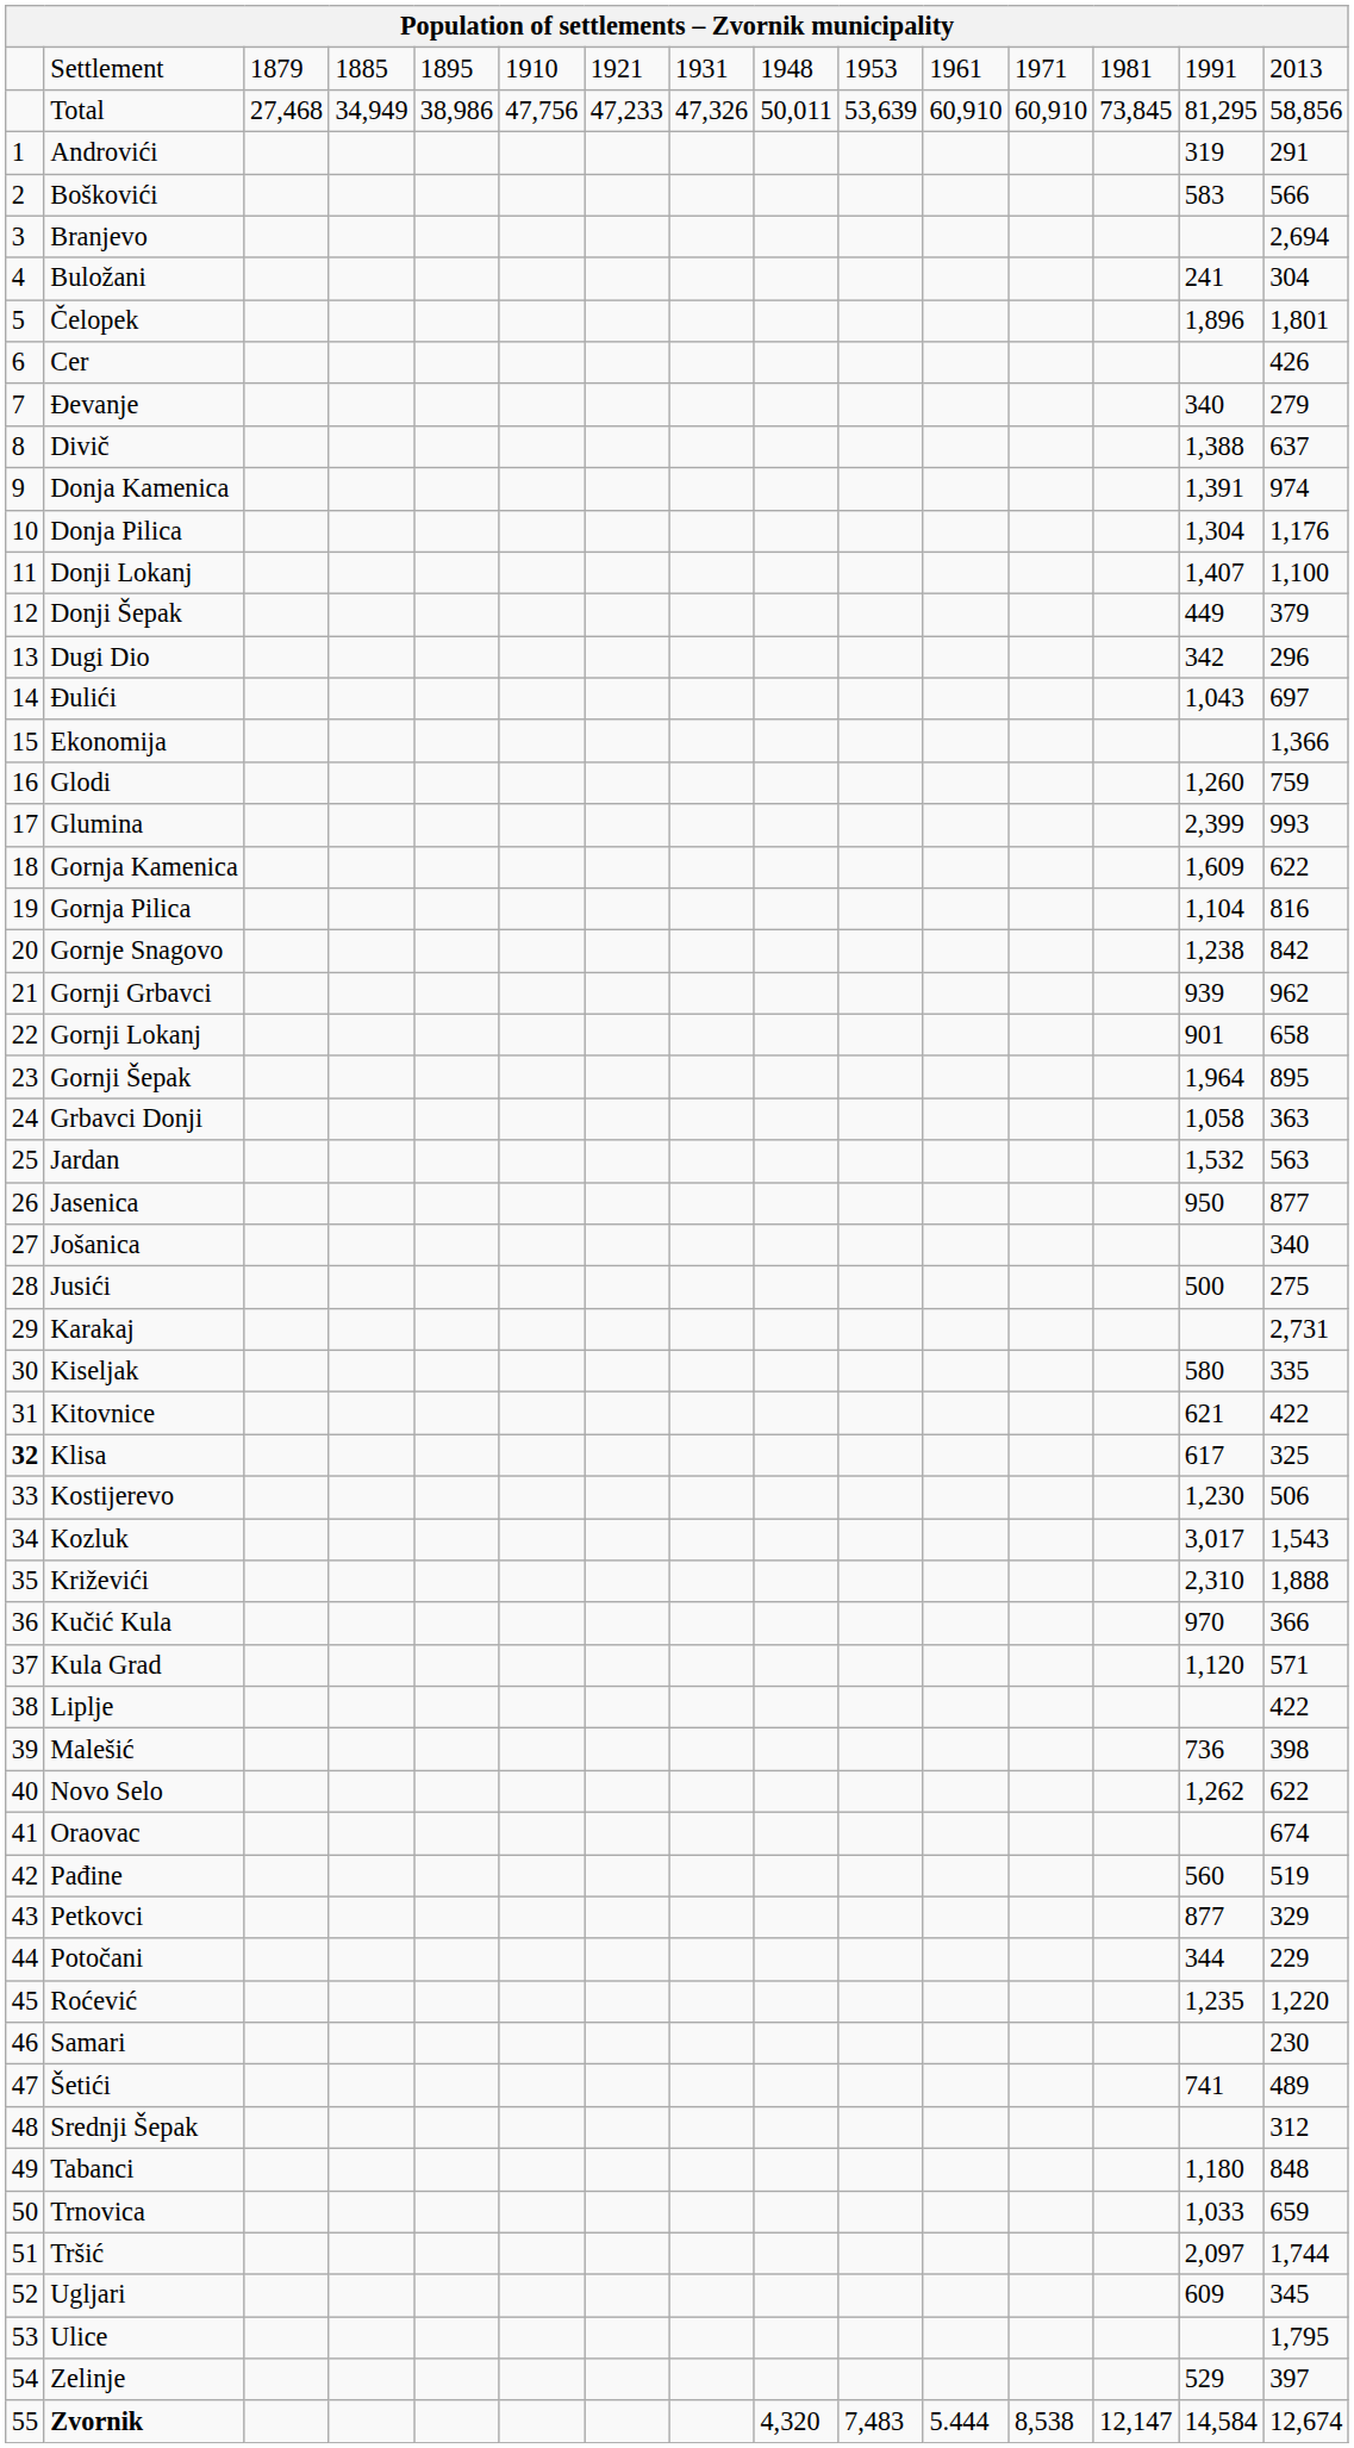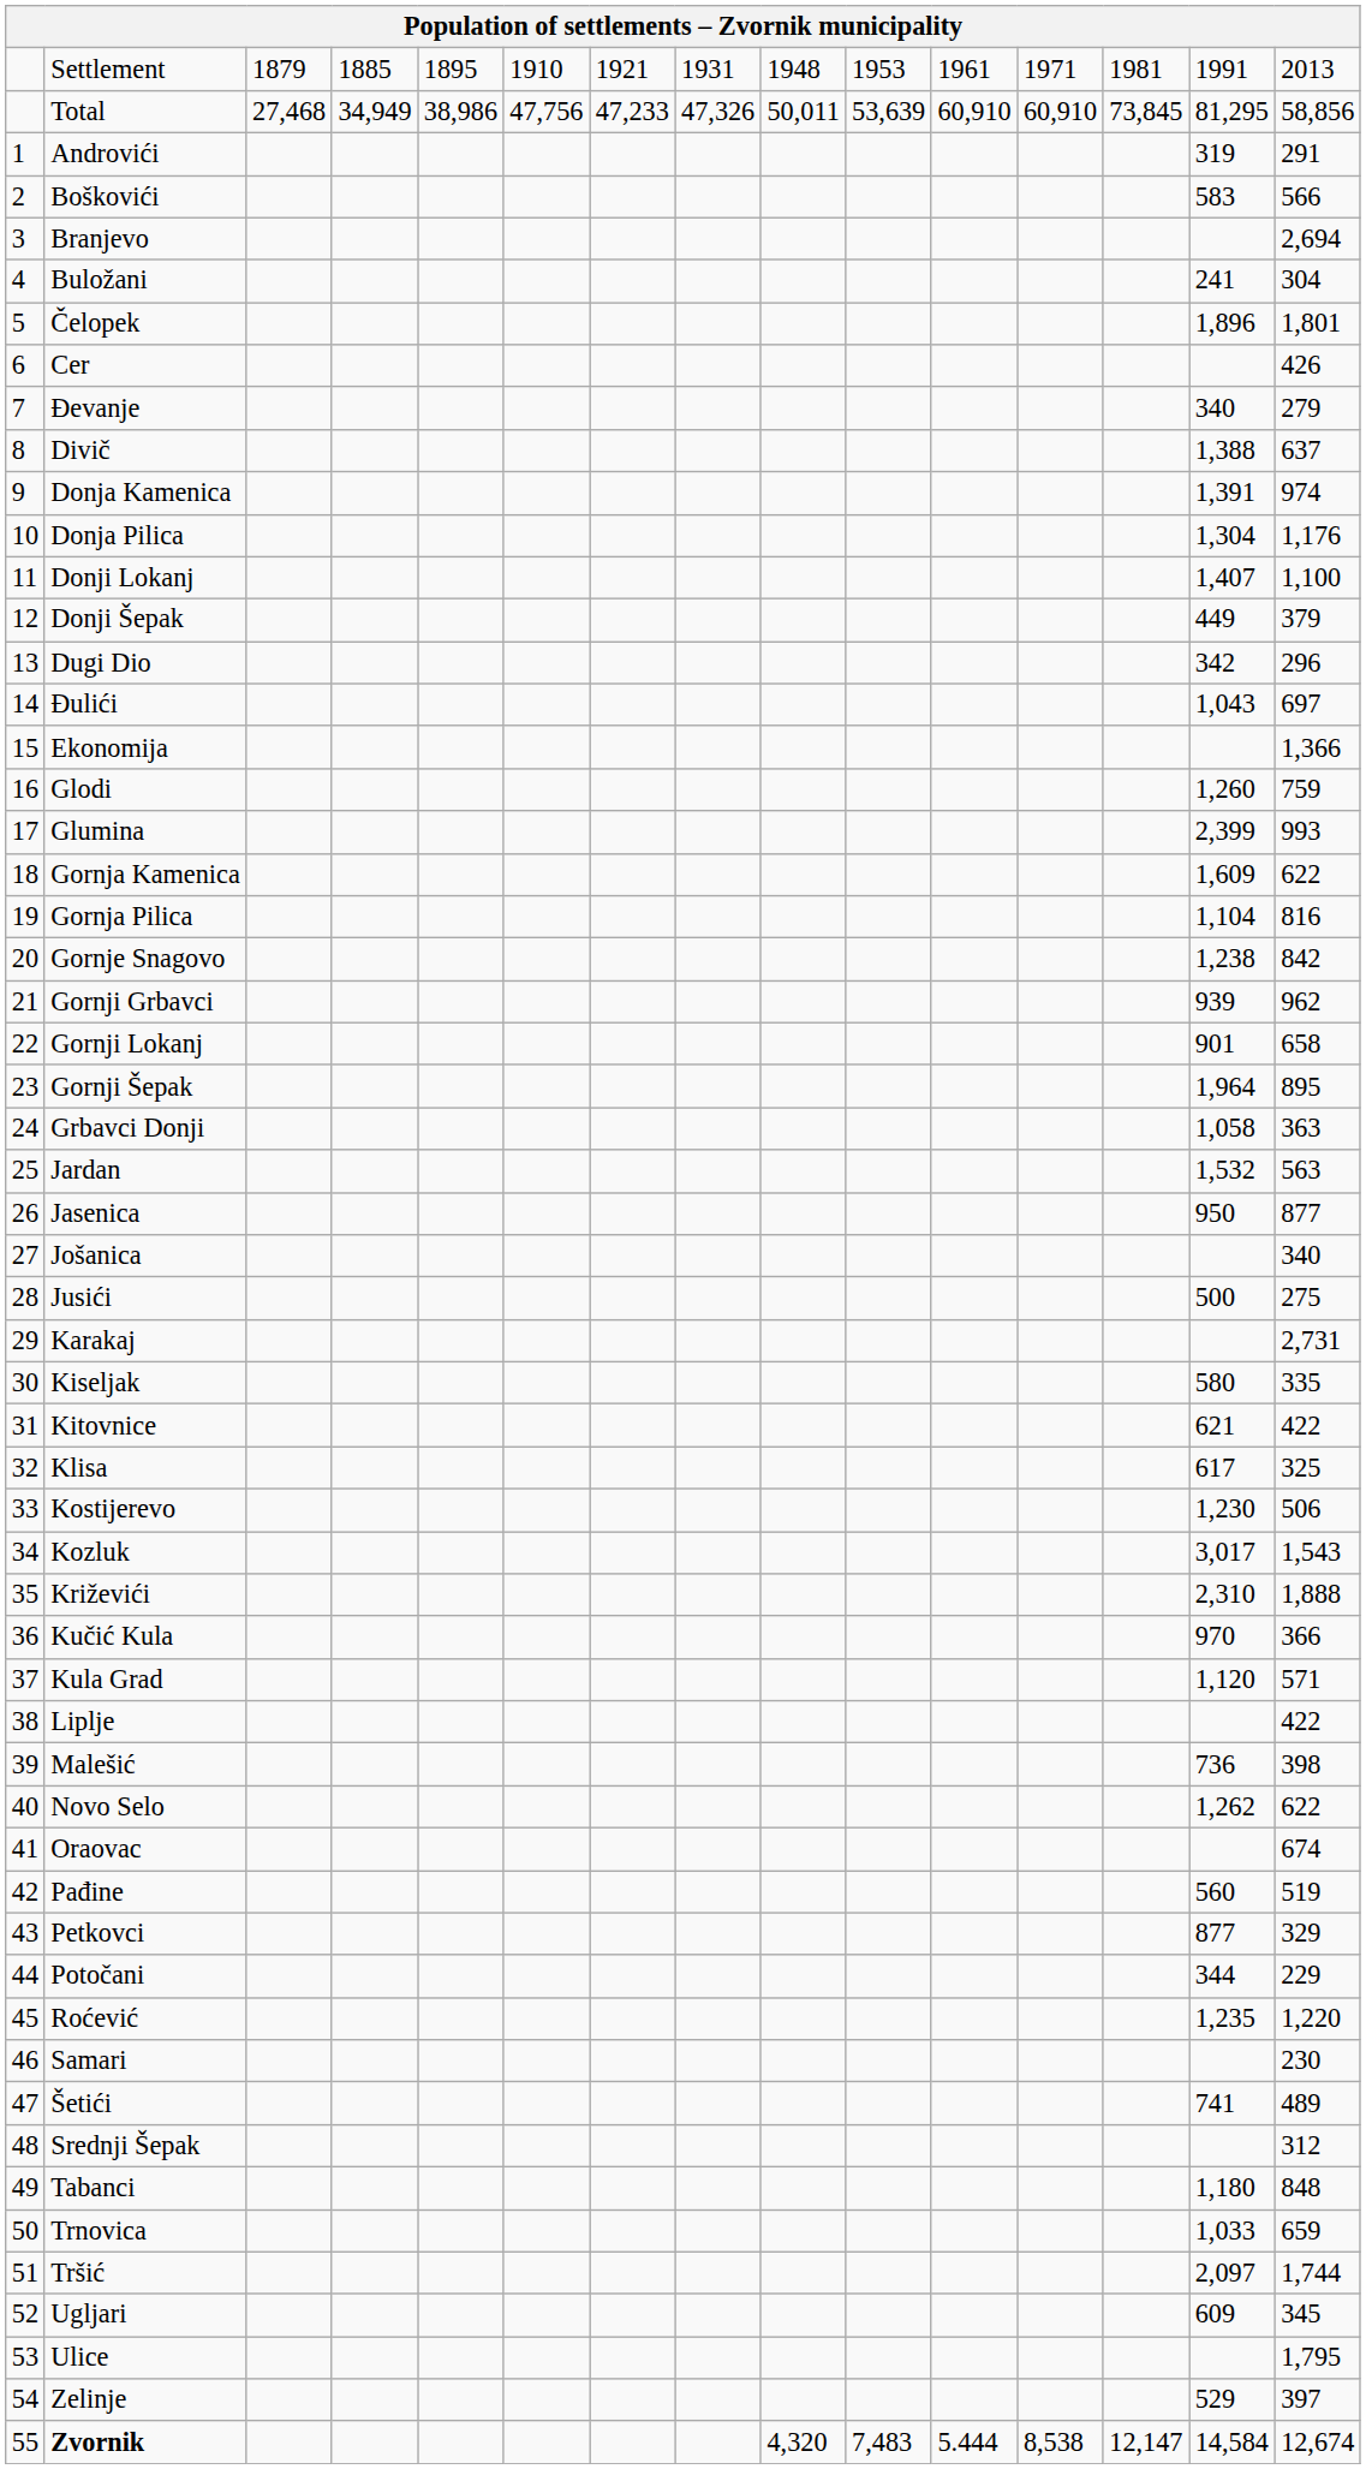 <table class="wikitable">
 <tr>
 <th colspan="15">Population of settlements – Zvornik municipality</th>
 </tr>
 <tr>
 <td></td>
 <td>Settlement</td>
 <td>1879</td>
 <td>1885</td>
 <td>1895</td>
 <td>1910</td>
 <td>1921</td>
 <td>1931</td>
 <td>1948</td>
 <td>1953</td>
 <td>1961</td>
 <td>1971</td>
 <td>1981</td>
 <td>1991</td>
 <td>2013</td>
 </tr>
 <tr>
 <td></td>
 <td>Total</td>
 <td>27,468</td>
 <td>34,949</td>
 <td>38,986</td>
 <td>47,756</td>
 <td>47,233</td>
 <td>47,326</td>
 <td>50,011</td>
 <td>53,639</td>
 <td>60,910</td>
 <td>60,910</td>
 <td>73,845</td>
 <td>81,295</td>
 <td>58,856</td>
 </tr>
 <tr>
 <td>1</td>
 <td>Androvići</td>
 <td></td>
 <td></td>
 <td></td>
 <td></td>
 <td></td>
 <td></td>
 <td></td>
 <td></td>
 <td></td>
 <td></td>
 <td></td>
 <td>319</td>
 <td>291</td>
 </tr>
 <tr>
 <td>2</td>
 <td>Boškovići</td>
 <td></td>
 <td></td>
 <td></td>
 <td></td>
 <td></td>
 <td></td>
 <td></td>
 <td></td>
 <td></td>
 <td></td>
 <td></td>
 <td>583</td>
 <td>566</td>
 </tr>
 <tr>
 <td>3</td>
 <td>Branjevo</td>
 <td></td>
 <td></td>
 <td></td>
 <td></td>
 <td></td>
 <td></td>
 <td></td>
 <td></td>
 <td></td>
 <td></td>
 <td></td>
 <td></td>
 <td>2,694</td>
 </tr>
 <tr>
 <td>4</td>
 <td>Buložani</td>
 <td></td>
 <td></td>
 <td></td>
 <td></td>
 <td></td>
 <td></td>
 <td></td>
 <td></td>
 <td></td>
 <td></td>
 <td></td>
 <td>241</td>
 <td>304</td>
 </tr>
 <tr>
 <td>5</td>
 <td>Čelopek</td>
 <td></td>
 <td></td>
 <td></td>
 <td></td>
 <td></td>
 <td></td>
 <td></td>
 <td></td>
 <td></td>
 <td></td>
 <td></td>
 <td>1,896</td>
 <td>1,801</td>
 </tr>
 <tr>
 <td>6</td>
 <td>Cer</td>
 <td></td>
 <td></td>
 <td></td>
 <td></td>
 <td></td>
 <td></td>
 <td></td>
 <td></td>
 <td></td>
 <td></td>
 <td></td>
 <td></td>
 <td>426</td>
 </tr>
 <tr>
 <td>7</td>
 <td>Đevanje</td>
 <td></td>
 <td></td>
 <td></td>
 <td></td>
 <td></td>
 <td></td>
 <td></td>
 <td></td>
 <td></td>
 <td></td>
 <td></td>
 <td>340</td>
 <td>279</td>
 </tr>
 <tr>
 <td>8</td>
 <td>Divič</td>
 <td></td>
 <td></td>
 <td></td>
 <td></td>
 <td></td>
 <td></td>
 <td></td>
 <td></td>
 <td></td>
 <td></td>
 <td></td>
 <td>1,388</td>
 <td>637</td>
 </tr>
 <tr>
 <td>9</td>
 <td>Donja Kamenica</td>
 <td></td>
 <td></td>
 <td></td>
 <td></td>
 <td></td>
 <td></td>
 <td></td>
 <td></td>
 <td></td>
 <td></td>
 <td></td>
 <td>1,391</td>
 <td>974</td>
 </tr>
 <tr>
 <td>10</td>
 <td>Donja Pilica</td>
 <td></td>
 <td></td>
 <td></td>
 <td></td>
 <td></td>
 <td></td>
 <td></td>
 <td></td>
 <td></td>
 <td></td>
 <td></td>
 <td>1,304</td>
 <td>1,176</td>
 </tr>
 <tr>
 <td>11</td>
 <td>Donji Lokanj</td>
 <td></td>
 <td></td>
 <td></td>
 <td></td>
 <td></td>
 <td></td>
 <td></td>
 <td></td>
 <td></td>
 <td></td>
 <td></td>
 <td>1,407</td>
 <td>1,100</td>
 </tr>
 <tr>
 <td>12</td>
 <td>Donji Šepak</td>
 <td></td>
 <td></td>
 <td></td>
 <td></td>
 <td></td>
 <td></td>
 <td></td>
 <td></td>
 <td></td>
 <td></td>
 <td></td>
 <td>449</td>
 <td>379</td>
 </tr>
 <tr>
 <td>13</td>
 <td>Dugi Dio</td>
 <td></td>
 <td></td>
 <td></td>
 <td></td>
 <td></td>
 <td></td>
 <td></td>
 <td></td>
 <td></td>
 <td></td>
 <td></td>
 <td>342</td>
 <td>296</td>
 </tr>
 <tr>
 <td>14</td>
 <td>Đulići</td>
 <td></td>
 <td></td>
 <td></td>
 <td></td>
 <td></td>
 <td></td>
 <td></td>
 <td></td>
 <td></td>
 <td></td>
 <td></td>
 <td>1,043</td>
 <td>697</td>
 </tr>
 <tr>
 <td>15</td>
 <td>Ekonomija</td>
 <td></td>
 <td></td>
 <td></td>
 <td></td>
 <td></td>
 <td></td>
 <td></td>
 <td></td>
 <td></td>
 <td></td>
 <td></td>
 <td></td>
 <td>1,366</td>
 </tr>
 <tr>
 <td>16</td>
 <td>Glodi</td>
 <td></td>
 <td></td>
 <td></td>
 <td></td>
 <td></td>
 <td></td>
 <td></td>
 <td></td>
 <td></td>
 <td></td>
 <td></td>
 <td>1,260</td>
 <td>759</td>
 </tr>
 <tr>
 <td>17</td>
 <td>Glumina</td>
 <td></td>
 <td></td>
 <td></td>
 <td></td>
 <td></td>
 <td></td>
 <td></td>
 <td></td>
 <td></td>
 <td></td>
 <td></td>
 <td>2,399</td>
 <td>993</td>
 </tr>
 <tr>
 <td>18</td>
 <td>Gornja Kamenica</td>
 <td></td>
 <td></td>
 <td></td>
 <td></td>
 <td></td>
 <td></td>
 <td></td>
 <td></td>
 <td></td>
 <td></td>
 <td></td>
 <td>1,609</td>
 <td>622</td>
 </tr>
 <tr>
 <td>19</td>
 <td>Gornja Pilica</td>
 <td></td>
 <td></td>
 <td></td>
 <td></td>
 <td></td>
 <td></td>
 <td></td>
 <td></td>
 <td></td>
 <td></td>
 <td></td>
 <td>1,104</td>
 <td>816</td>
 </tr>
 <tr>
 <td>20</td>
 <td>Gornje Snagovo</td>
 <td></td>
 <td></td>
 <td></td>
 <td></td>
 <td></td>
 <td></td>
 <td></td>
 <td></td>
 <td></td>
 <td></td>
 <td></td>
 <td>1,238</td>
 <td>842</td>
 </tr>
 <tr>
 <td>21</td>
 <td>Gornji Grbavci</td>
 <td></td>
 <td></td>
 <td></td>
 <td></td>
 <td></td>
 <td></td>
 <td></td>
 <td></td>
 <td></td>
 <td></td>
 <td></td>
 <td>939</td>
 <td>962</td>
 </tr>
 <tr>
 <td>22</td>
 <td>Gornji Lokanj</td>
 <td></td>
 <td></td>
 <td></td>
 <td></td>
 <td></td>
 <td></td>
 <td></td>
 <td></td>
 <td></td>
 <td></td>
 <td></td>
 <td>901</td>
 <td>658</td>
 </tr>
 <tr>
 <td>23</td>
 <td>Gornji Šepak</td>
 <td></td>
 <td></td>
 <td></td>
 <td></td>
 <td></td>
 <td></td>
 <td></td>
 <td></td>
 <td></td>
 <td></td>
 <td></td>
 <td>1,964</td>
 <td>895</td>
 </tr>
 <tr>
 <td>24</td>
 <td>Grbavci Donji</td>
 <td></td>
 <td></td>
 <td></td>
 <td></td>
 <td></td>
 <td></td>
 <td></td>
 <td></td>
 <td></td>
 <td></td>
 <td></td>
 <td>1,058</td>
 <td>363</td>
 </tr>
 <tr>
 <td>25</td>
 <td>Jardan</td>
 <td></td>
 <td></td>
 <td></td>
 <td></td>
 <td></td>
 <td></td>
 <td></td>
 <td></td>
 <td></td>
 <td></td>
 <td></td>
 <td>1,532</td>
 <td>563</td>
 </tr>
 <tr>
 <td>26</td>
 <td>Jasenica</td>
 <td></td>
 <td></td>
 <td></td>
 <td></td>
 <td></td>
 <td></td>
 <td></td>
 <td></td>
 <td></td>
 <td></td>
 <td></td>
 <td>950</td>
 <td>877</td>
 </tr>
 <tr>
 <td>27</td>
 <td>Jošanica</td>
 <td></td>
 <td></td>
 <td></td>
 <td></td>
 <td></td>
 <td></td>
 <td></td>
 <td></td>
 <td></td>
 <td></td>
 <td></td>
 <td></td>
 <td>340</td>
 </tr>
 <tr>
 <td>28</td>
 <td>Jusići</td>
 <td></td>
 <td></td>
 <td></td>
 <td></td>
 <td></td>
 <td></td>
 <td></td>
 <td></td>
 <td></td>
 <td></td>
 <td></td>
 <td>500</td>
 <td>275</td>
 </tr>
 <tr>
 <td>29</td>
 <td>Karakaj</td>
 <td></td>
 <td></td>
 <td></td>
 <td></td>
 <td></td>
 <td></td>
 <td></td>
 <td></td>
 <td></td>
 <td></td>
 <td></td>
 <td></td>
 <td>2,731</td>
 </tr>
 <tr>
 <td>30</td>
 <td>Kiseljak</td>
 <td></td>
 <td></td>
 <td></td>
 <td></td>
 <td></td>
 <td></td>
 <td></td>
 <td></td>
 <td></td>
 <td></td>
 <td></td>
 <td>580</td>
 <td>335</td>
 </tr>
 <tr>
 <td>31</td>
 <td>Kitovnice</td>
 <td></td>
 <td></td>
 <td></td>
 <td></td>
 <td></td>
 <td></td>
 <td></td>
 <td></td>
 <td></td>
 <td></td>
 <td></td>
 <td>621</td>
 <td>422</td>
 </tr>
 <tr>
-<td><strong>32</strong></td>
+<td>32</td>
 <td>Klisa</td>
 <td></td>
 <td></td>
 <td></td>
 <td></td>
 <td></td>
 <td></td>
 <td></td>
 <td></td>
 <td></td>
 <td></td>
 <td></td>
 <td>617</td>
 <td>325</td>
 </tr>
 <tr>
 <td>33</td>
 <td>Kostijerevo</td>
 <td></td>
 <td></td>
 <td></td>
 <td></td>
 <td></td>
 <td></td>
 <td></td>
 <td></td>
 <td></td>
 <td></td>
 <td></td>
 <td>1,230</td>
 <td>506</td>
 </tr>
 <tr>
 <td>34</td>
 <td>Kozluk</td>
 <td></td>
 <td></td>
 <td></td>
 <td></td>
 <td></td>
 <td></td>
 <td></td>
 <td></td>
 <td></td>
 <td></td>
 <td></td>
 <td>3,017</td>
 <td>1,543</td>
 </tr>
 <tr>
 <td>35</td>
 <td>Križevići</td>
 <td></td>
 <td></td>
 <td></td>
 <td></td>
 <td></td>
 <td></td>
 <td></td>
 <td></td>
 <td></td>
 <td></td>
 <td></td>
 <td>2,310</td>
 <td>1,888</td>
 </tr>
 <tr>
 <td>36</td>
 <td>Kučić Kula</td>
 <td></td>
 <td></td>
 <td></td>
 <td></td>
 <td></td>
 <td></td>
 <td></td>
 <td></td>
 <td></td>
 <td></td>
 <td></td>
 <td>970</td>
 <td>366</td>
 </tr>
 <tr>
 <td>37</td>
 <td>Kula Grad</td>
 <td></td>
 <td></td>
 <td></td>
 <td></td>
 <td></td>
 <td></td>
 <td></td>
 <td></td>
 <td></td>
 <td></td>
 <td></td>
 <td>1,120</td>
 <td>571</td>
 </tr>
 <tr>
 <td>38</td>
 <td>Liplje</td>
 <td></td>
 <td></td>
 <td></td>
 <td></td>
 <td></td>
 <td></td>
 <td></td>
 <td></td>
 <td></td>
 <td></td>
 <td></td>
 <td></td>
 <td>422</td>
 </tr>
 <tr>
 <td>39</td>
 <td>Malešić</td>
 <td></td>
 <td></td>
 <td></td>
 <td></td>
 <td></td>
 <td></td>
 <td></td>
 <td></td>
 <td></td>
 <td></td>
 <td></td>
 <td>736</td>
 <td>398</td>
 </tr>
 <tr>
 <td>40</td>
 <td>Novo Selo</td>
 <td></td>
 <td></td>
 <td></td>
 <td></td>
 <td></td>
 <td></td>
 <td></td>
 <td></td>
 <td></td>
 <td></td>
 <td></td>
 <td>1,262</td>
 <td>622</td>
 </tr>
 <tr>
 <td>41</td>
 <td>Oraovac</td>
 <td></td>
 <td></td>
 <td></td>
 <td></td>
 <td></td>
 <td></td>
 <td></td>
 <td></td>
 <td></td>
 <td></td>
 <td></td>
 <td></td>
 <td>674</td>
 </tr>
 <tr>
 <td>42</td>
 <td>Pađine</td>
 <td></td>
 <td></td>
 <td></td>
 <td></td>
 <td></td>
 <td></td>
 <td></td>
 <td></td>
 <td></td>
 <td></td>
 <td></td>
 <td>560</td>
 <td>519</td>
 </tr>
 <tr>
 <td>43</td>
 <td>Petkovci</td>
 <td></td>
 <td></td>
 <td></td>
 <td></td>
 <td></td>
 <td></td>
 <td></td>
 <td></td>
 <td></td>
 <td></td>
 <td></td>
 <td>877</td>
 <td>329</td>
 </tr>
 <tr>
 <td>44</td>
 <td>Potočani</td>
 <td></td>
 <td></td>
 <td></td>
 <td></td>
 <td></td>
 <td></td>
 <td></td>
 <td></td>
 <td></td>
 <td></td>
 <td></td>
 <td>344</td>
 <td>229</td>
 </tr>
 <tr>
 <td>45</td>
 <td>Roćević</td>
 <td></td>
 <td></td>
 <td></td>
 <td></td>
 <td></td>
 <td></td>
 <td></td>
 <td></td>
 <td></td>
 <td></td>
 <td></td>
 <td>1,235</td>
 <td>1,220</td>
 </tr>
 <tr>
 <td>46</td>
 <td>Samari</td>
 <td></td>
 <td></td>
 <td></td>
 <td></td>
 <td></td>
 <td></td>
 <td></td>
 <td></td>
 <td></td>
 <td></td>
 <td></td>
 <td></td>
 <td>230</td>
 </tr>
 <tr>
 <td>47</td>
 <td>Šetići</td>
 <td></td>
 <td></td>
 <td></td>
 <td></td>
 <td></td>
 <td></td>
 <td></td>
 <td></td>
 <td></td>
 <td></td>
 <td></td>
 <td>741</td>
 <td>489</td>
 </tr>
 <tr>
 <td>48</td>
 <td>Srednji Šepak</td>
 <td></td>
 <td></td>
 <td></td>
 <td></td>
 <td></td>
 <td></td>
 <td></td>
 <td></td>
 <td></td>
 <td></td>
 <td></td>
 <td></td>
 <td>312</td>
 </tr>
 <tr>
 <td>49</td>
 <td>Tabanci</td>
 <td></td>
 <td></td>
 <td></td>
 <td></td>
 <td></td>
 <td></td>
 <td></td>
 <td></td>
 <td></td>
 <td></td>
 <td></td>
 <td>1,180</td>
 <td>848</td>
 </tr>
 <tr>
 <td>50</td>
 <td>Trnovica</td>
 <td></td>
 <td></td>
 <td></td>
 <td></td>
 <td></td>
 <td></td>
 <td></td>
 <td></td>
 <td></td>
 <td></td>
 <td></td>
 <td>1,033</td>
 <td>659</td>
 </tr>
 <tr>
 <td>51</td>
 <td>Tršić</td>
 <td></td>
 <td></td>
 <td></td>
 <td></td>
 <td></td>
 <td></td>
 <td></td>
 <td></td>
 <td></td>
 <td></td>
 <td></td>
 <td>2,097</td>
 <td>1,744</td>
 </tr>
 <tr>
 <td>52</td>
 <td>Ugljari</td>
 <td></td>
 <td></td>
 <td></td>
 <td></td>
 <td></td>
 <td></td>
 <td></td>
 <td></td>
 <td></td>
 <td></td>
 <td></td>
 <td>609</td>
 <td>345</td>
 </tr>
 <tr>
 <td>53</td>
 <td>Ulice</td>
 <td></td>
 <td></td>
 <td></td>
 <td></td>
 <td></td>
 <td></td>
 <td></td>
 <td></td>
 <td></td>
 <td></td>
 <td></td>
 <td></td>
 <td>1,795</td>
 </tr>
 <tr>
 <td>54</td>
 <td>Zelinje</td>
 <td></td>
 <td></td>
 <td></td>
 <td></td>
 <td></td>
 <td></td>
 <td></td>
 <td></td>
 <td></td>
 <td></td>
 <td></td>
 <td>529</td>
 <td>397</td>
 </tr>
 <tr>
 <td>55</td>
 <td><strong>Zvornik</strong></td>
 <td></td>
 <td></td>
 <td></td>
 <td></td>
 <td></td>
 <td></td>
 <td>4,320</td>
 <td>7,483</td>
 <td>5.444</td>
 <td>8,538</td>
 <td>12,147</td>
 <td>14,584</td>
 <td>12,674</td>
 </tr>
 </table>
